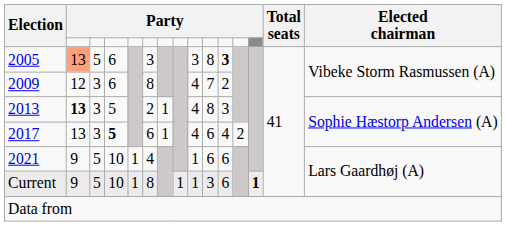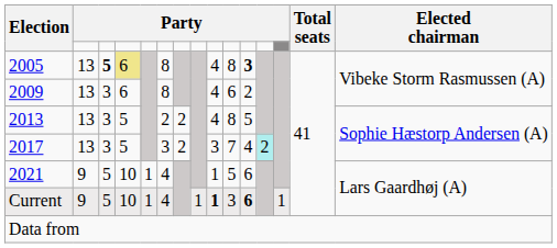 <table class="wikitable">
 <tr>
 <th rowspan="2">Election</th>
 <th colspan="12">Party</th>
 <th rowspan="2">Total<br>seats</th>
 <th rowspan="2">Elected<br>chairman</th>
 </tr>
 <tr>
 <td style="background:"><strong><a href='#'></a></strong></td>
 <td style="background:"><strong><a href='#'></a></strong></td>
 <td style="background:"><strong><a href='#'></a></strong></td>
 <td style="background:"><strong><a href='#'></a></strong></td>
 <td style="background:"><strong><a href='#'></a></strong></td>
 <td style="background:"><strong><a href='#'></a></strong></td>
 <td style="background:"><strong><a href='#'></a></strong></td>
 <td style="background:"><strong><a href='#'></a></strong></td>
 <td style="background:"><strong><a href='#'></a></strong></td>
 <td style="background:"><strong><a href='#'></a></strong></td>
 <td style="background:"><strong><a href='#'></a></strong></td>
 <td style="background:#8B8989;"><strong></strong></td>
 </tr>
 <tr>
 <td><a href='#'>2005</a></td>
-<td style="background: lightsalmon;">13</td>
-<td>5</td>
-<td>6</td>
+<td>13</td>
+<td><strong>5</strong></td>
+<td style="background: khaki;">6</td>
 <td style="background:#CDC9C9;" rowspan="4"></td>
-<td>3</td>
+<td>8</td>
 <td style="background:#CDC9C9;" rowspan="2"></td>
 <td style="background:#CDC9C9;" rowspan="5"></td>
-<td>3</td>
+<td>4</td>
 <td>8</td>
 <td><strong>3</strong></td>
 <td style="background:#CDC9C9;" rowspan="3"></td>
 <td style="background:#CDC9C9;" rowspan="5"></td>
 <td rowspan="6">41</td>
 <td rowspan="2">Vibeke Storm Rasmussen (A)</td>
 </tr>
 <tr>
 <td><a href='#'>2009</a></td>
-<td>12</td>
+<td>13</td>
 <td>3</td>
 <td>6</td>
 <td>8</td>
 <td>4</td>
-<td>7</td>
+<td>6</td>
 <td>2</td>
 </tr>
 <tr>
 <td><a href='#'>2013</a></td>
-<td><strong>13</strong></td>
+<td>13</td>
 <td>3</td>
 <td>5</td>
 <td>2</td>
-<td>1</td>
+<td>2</td>
 <td>4</td>
 <td>8</td>
-<td>3</td>
+<td>5</td>
 <td rowspan="2"><a href='#'>Sophie Hæstorp Andersen</a> (A)</td>
 </tr>
 <tr>
 <td><a href='#'>2017</a></td>
 <td>13</td>
 <td>3</td>
-<td><strong>5</strong></td>
-<td>6</td>
-<td>1</td>
+<td>5</td>
+<td>3</td>
+<td>2</td>
+<td>3</td>
+<td>7</td>
 <td>4</td>
-<td>6</td>
-<td>4</td>
-<td>2</td>
+<td style="background: paleturquoise;">2</td>
 </tr>
 <tr>
 <td><a href='#'>2021</a></td>
 <td>9</td>
 <td>5</td>
 <td>10</td>
 <td>1</td>
 <td>4</td>
 <td style="background:#CDC9C9;" rowspan="2"></td>
 <td>1</td>
-<td>6</td>
+<td>5</td>
 <td>6</td>
 <td style="background:#CDC9C9;" rowspan="2"></td>
 <td rowspan="2">Lars Gaardhøj (A)</td>
 </tr>
 <tr style="background:#edebeb;">
 <td>Current</td>
 <td>9</td>
 <td>5</td>
 <td>10</td>
 <td>1</td>
-<td>8</td>
+<td>4</td>
 <td>1</td>
+<td><strong>1</strong></td>
+<td>3</td>
+<td><strong>6</strong></td>
 <td>1</td>
-<td>3</td>
-<td>6</td>
-<td><strong>1</strong></td>
 </tr>
 <tr>
 <td colspan="99">Data from </td>
 </tr>
 </table>
